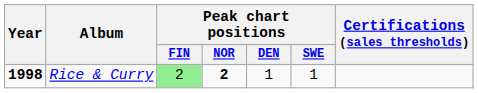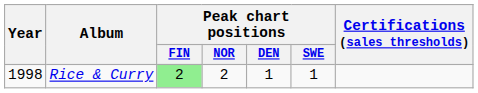 <table class="wikitable" style="text-align:center;">
 <tr>
 <th rowspan="2">Year</th>
 <th rowspan="2">Album</th>
 <th colspan="4">Peak chart positions</th>
 <th rowspan="2"><a href='#'>Certifications</a><br><small>(<a href='#'>sales thresholds</a>)</small></th>
 </tr>
 <tr style="font-size:smaller;">
 <th width="35"><a href='#'>FIN</a><br></th>
 <th width="35"><a href='#'>NOR</a><br></th>
 <th width="35"><a href='#'>DEN</a></th>
 <th width="35"><a href='#'>SWE</a><br></th>
 </tr>
 <tr>
-<td><strong>1998</strong></td>
+<td>1998</td>
 <td align="left"><em><a href='#'>Rice & Curry</a></em></td>
 <td style="background: lightgreen;">2</td>
-<td><strong>2</strong></td>
+<td>2</td>
 <td>1</td>
 <td>1</td>
 <td></td>
 </tr>
 </table>
